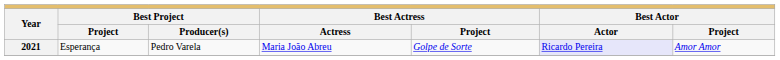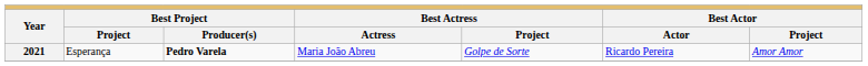 <table class="wikitable sortable" width="100%">
 <tr>
 <td colspan="9" bgcolor="#e4be6d"></td>
 </tr>
 <tr>
 <th colspan="1" rowspan="2" style="padding: 0 5px;">Year</th>
 <th colspan="2">Best Project</th>
 <th colspan="2">Best Actress</th>
 <th colspan="2">Best Actor</th>
 </tr>
 <tr>
 <th>Project</th>
 <th>Producer(s)</th>
 <th>Actress</th>
 <th>Project</th>
 <th>Actor</th>
 <th>Project</th>
 </tr>
 <tr>
 <th>2021</th>
 <td>Esperança</td>
-<td>Pedro Varela</td>
+<td><strong>Pedro Varela</strong></td>
 <td><a href='#'>Maria João Abreu</a></td>
 <td><em><a href='#'>Golpe de Sorte</a></em></td>
-<td style="background: lavender;"><a href='#'>Ricardo Pereira</a></td>
+<td><a href='#'>Ricardo Pereira</a></td>
 <td><em><a href='#'>Amor Amor</a></em></td>
 </tr>
 <tr>
 </tr>
 </table>
